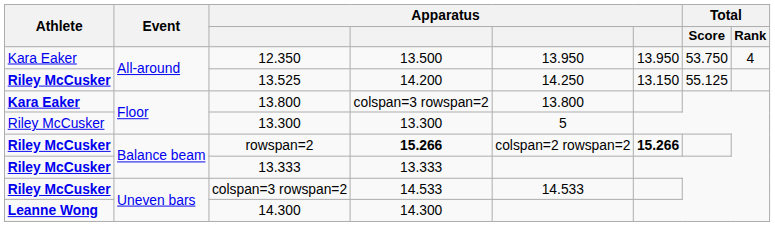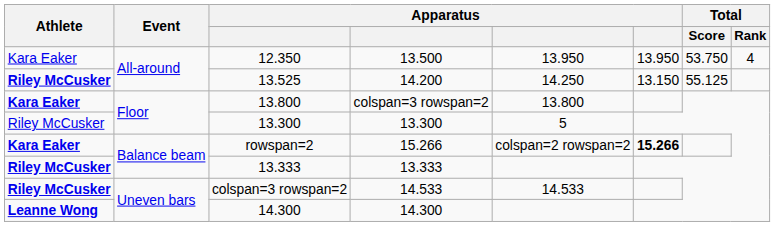 <table class=wikitable style=font-size:90%;text-align:center>
 <tr>
 <th rowspan=2>Athlete</th>
 <th rowspan=2>Event</th>
 <th colspan=4>Apparatus</th>
 <th colspan=2>Total</th>
 </tr>
 <tr style=font-size:95%>
 <th></th>
 <th></th>
 <th></th>
 <th></th>
 <th>Score</th>
 <th>Rank</th>
 </tr>
 <tr>
 <td align=left><a href='#'>Kara Eaker</a></td>
 <td align=left rowspan=2><a href='#'>All-around</a></td>
 <td>12.350</td>
 <td>13.500</td>
 <td>13.950</td>
 <td>13.950</td>
 <td>53.750</td>
 <td>4</td>
 </tr>
 <tr>
 <td align=left><strong><a href='#'>Riley McCusker</a></strong></td>
 <td>13.525</td>
 <td>14.200</td>
 <td>14.250</td>
 <td>13.150</td>
 <td>55.125</td>
 <td></td>
 </tr>
 <tr>
 <td align=left><strong><a href='#'>Kara Eaker</a></strong></td>
 <td align=left rowspan=2><a href='#'>Floor</a></td>
 <td>13.800</td>
 <td>colspan=3 rowspan=2 </td>
 <td>13.800</td>
 <td></td>
 </tr>
 <tr>
 <td align=left><a href='#'>Riley McCusker</a></td>
 <td>13.300</td>
 <td>13.300</td>
 <td>5</td>
 </tr>
 <tr>
-<td align=left><strong><a href='#'>Riley McCusker</a></strong></td>
+<td align=left><strong><a href='#'>Kara Eaker</a></strong></td>
 <td align=left rowspan=2><a href='#'>Balance beam</a></td>
 <td>rowspan=2 </td>
-<td><strong>15.266</strong></td>
+<td>15.266</td>
 <td>colspan=2 rowspan=2 </td>
 <td><strong>15.266</strong></td>
 <td></td>
 </tr>
 <tr>
 <td align=left><strong><a href='#'>Riley McCusker</a></strong></td>
 <td>13.333</td>
 <td>13.333</td>
 <td></td>
 </tr>
 <tr>
 <td align=left><strong><a href='#'>Riley McCusker</a></strong></td>
 <td align=left rowspan=2><a href='#'>Uneven bars</a></td>
 <td>colspan=3 rowspan=2 </td>
 <td>14.533</td>
 <td>14.533</td>
 <td></td>
 </tr>
 <tr>
 <td align=left><strong><a href='#'>Leanne Wong</a></strong></td>
 <td>14.300</td>
 <td>14.300</td>
 <td></td>
 </tr>
 </table>
